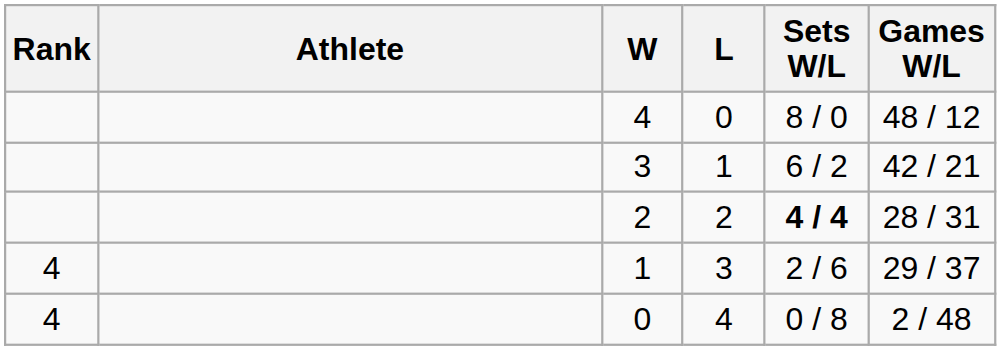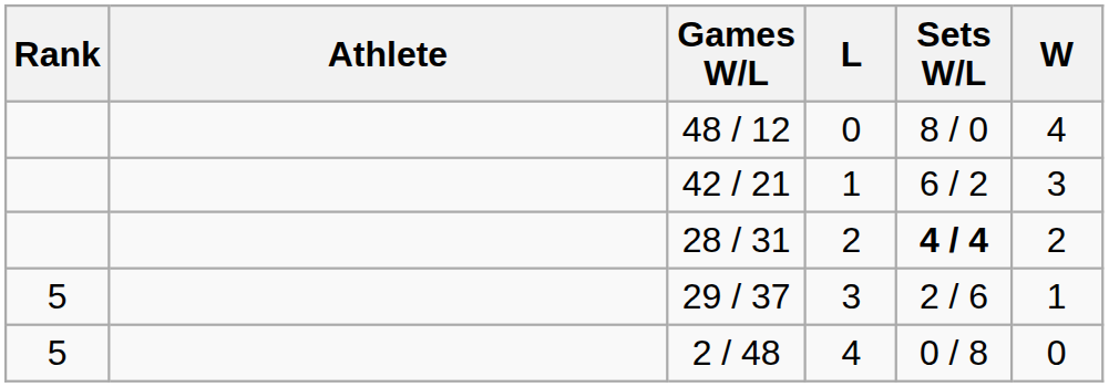 <table class="wikitable" style="text-align: center; font-size:90% ">
 <tr>
 <th width="20">Rank</th>
 <th width="220">Athlete</th>
-<th width="30">W</th>
+<th width="50">Games<br>W/L</th>
 <th width="30">L</th>
 <th width="40">Sets<br>W/L</th>
-<th width="50">Games<br>W/L</th>
+<th width="30">W</th>
 </tr>
 <tr>
 <td></td>
 <td align=left><strong><br></strong></td>
-<td>4</td>
+<td>48 / 12</td>
 <td>0</td>
 <td>8 / 0</td>
-<td>48 / 12</td>
+<td>4</td>
 </tr>
 <tr>
 <td></td>
 <td align=left><strong><br></strong></td>
-<td>3</td>
+<td>42 / 21</td>
 <td>1</td>
 <td>6 / 2</td>
-<td>42 / 21</td>
+<td>3</td>
 </tr>
 <tr>
 <td></td>
 <td align=left><strong><br></strong></td>
-<td>2</td>
+<td>28 / 31</td>
 <td>2</td>
 <td><strong>4 / 4</strong></td>
-<td>28 / 31</td>
+<td>2</td>
 </tr>
 <tr>
-<td>4</td>
+<td>5</td>
 <td align=left><br></td>
-<td>1</td>
+<td>29 / 37</td>
 <td>3</td>
 <td>2 / 6</td>
-<td>29 / 37</td>
+<td>1</td>
 </tr>
 <tr>
-<td>4</td>
+<td>5</td>
 <td align=left><br></td>
-<td>0</td>
+<td>2 / 48</td>
 <td>4</td>
 <td>0 / 8</td>
-<td>2 / 48</td>
+<td>0</td>
 </tr>
 </table>
